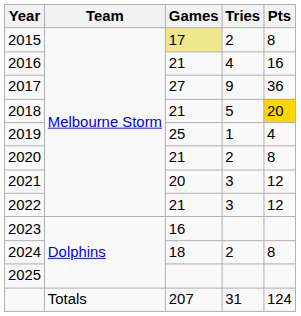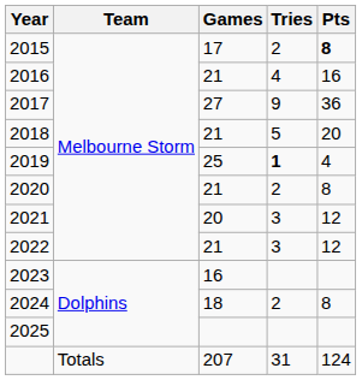 <table class="wikitable">
 <tr>
 <th>Year</th>
 <th>Team</th>
 <th>Games</th>
 <th>Tries</th>
 <th>Pts</th>
 </tr>
 <tr>
 <td>2015</td>
 <td rowspan="8"> <a href='#'>Melbourne Storm</a></td>
-<td style="background: khaki;">17</td>
+<td>17</td>
 <td>2</td>
-<td>8</td>
+<td><strong>8</strong></td>
 </tr>
 <tr>
 <td>2016</td>
 <td>21</td>
 <td>4</td>
 <td>16</td>
 </tr>
 <tr>
 <td>2017</td>
 <td>27</td>
 <td>9</td>
 <td>36</td>
 </tr>
 <tr>
 <td>2018</td>
 <td>21</td>
 <td>5</td>
-<td style="background: gold;">20</td>
+<td>20</td>
 </tr>
 <tr>
 <td>2019</td>
 <td>25</td>
-<td>1</td>
+<td><strong>1</strong></td>
 <td>4</td>
 </tr>
 <tr>
 <td>2020</td>
 <td>21</td>
 <td>2</td>
 <td>8</td>
 </tr>
 <tr>
 <td>2021</td>
 <td>20</td>
 <td>3</td>
 <td>12</td>
 </tr>
 <tr>
 <td>2022</td>
 <td>21</td>
 <td>3</td>
 <td>12</td>
 </tr>
 <tr>
 <td>2023</td>
 <td rowspan="3"> <a href='#'>Dolphins</a></td>
 <td>16</td>
 <td></td>
 <td></td>
 </tr>
 <tr>
 <td>2024</td>
 <td>18</td>
 <td>2</td>
 <td>8</td>
 </tr>
 <tr>
 <td>2025</td>
 <td></td>
 <td></td>
 <td></td>
 </tr>
 <tr>
 <td></td>
 <td>Totals</td>
 <td>207</td>
 <td>31</td>
 <td>124</td>
 </tr>
 </table>
